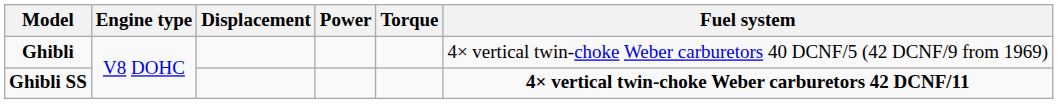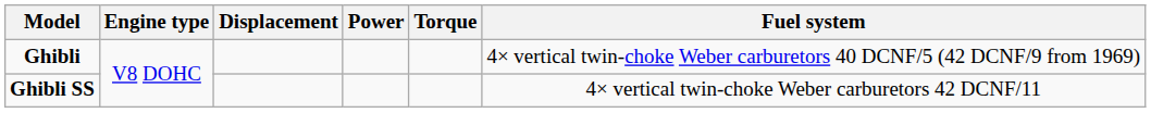 <table class="wikitable" style="text-align:center; font-size:90%;">
 <tr>
 <th>Model</th>
 <th>Engine type</th>
 <th>Displacement</th>
 <th>Power</th>
 <th>Torque</th>
 <th>Fuel system</th>
 </tr>
 <tr>
 <td><strong>Ghibli</strong></td>
 <td rowspan=2><a href='#'>V8</a> <a href='#'>DOHC</a></td>
 <td></td>
 <td></td>
 <td></td>
 <td>4× vertical twin-<a href='#'>choke</a> <a href='#'>Weber carburetors</a> 40 DCNF/5 (42 DCNF/9 from 1969)</td>
 </tr>
 <tr>
 <td><strong>Ghibli SS</strong></td>
 <td></td>
 <td></td>
 <td></td>
-<td><strong>4× vertical twin-choke Weber carburetors 42 DCNF/11</strong></td>
+<td>4× vertical twin-choke Weber carburetors 42 DCNF/11</td>
 </tr>
 </table>
